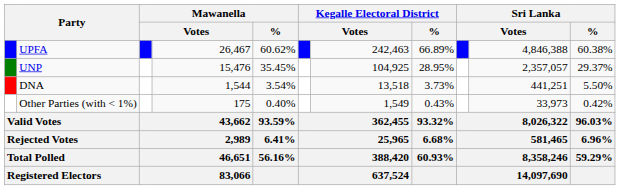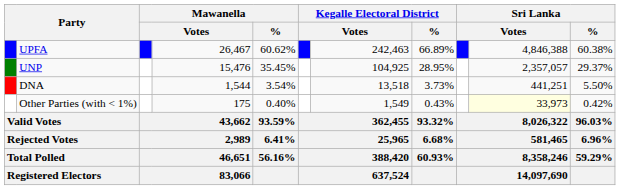 <table class="wikitable">
 <tr>
 <th colspan="2" width="144px"rowspan="2">Party</th>
 <th colspan="3" width="216px">Mawanella</th>
 <th colspan="3" width="216px"><a href='#'>Kegalle Electoral District</a></th>
 <th colspan="3" width="216px">Sri Lanka</th>
 </tr>
 <tr>
 <th colspan="2" width="144px">Votes</th>
 <th>%</th>
 <th colspan="2" width="144px">Votes</th>
 <th>%</th>
 <th colspan="2" width="144px">Votes</th>
 <th>%</th>
 </tr>
 <tr>
 <td style="background-color:blue;" width="10px"></td>
 <td style="text-align:left;"><a href='#'>UPFA</a></td>
 <td style="background-color:blue;" width="10px"></td>
 <td style="text-align:right;">26,467</td>
 <td style="text-align:right;">60.62%</td>
 <td style="background-color:blue;" width="10px"></td>
 <td style="text-align:right;">242,463</td>
 <td style="text-align:right;">66.89%</td>
 <td style="background-color:blue;" width="10px"></td>
 <td style="text-align:right;">4,846,388</td>
 <td style="text-align:right;">60.38%</td>
 </tr>
 <tr>
 <td style="background-color:green;" width="10px"></td>
 <td style="text-align:left;"><a href='#'>UNP</a></td>
 <td style="background-color:white;" width="10px"></td>
 <td style="text-align:right;">15,476</td>
 <td style="text-align:right;">35.45%</td>
 <td style="background-color:white;" width="10px"></td>
 <td style="text-align:right;">104,925</td>
 <td style="text-align:right;">28.95%</td>
 <td style="background-color:white;" width="10px"></td>
 <td style="text-align:right;">2,357,057</td>
 <td style="text-align:right;">29.37%</td>
 </tr>
 <tr>
 <td style="background-color:red;" width="10px"></td>
 <td style="text-align:left;">DNA</td>
 <td style="background-color:white;" width="10px"></td>
 <td style="text-align:right;">1,544</td>
 <td style="text-align:right;">3.54%</td>
 <td style="background-color:white;" width="10px"></td>
 <td style="text-align:right;">13,518</td>
 <td style="text-align:right;">3.73%</td>
 <td style="background-color:white;" width="10px"></td>
 <td style="text-align:right;">441,251</td>
 <td style="text-align:right;">5.50%</td>
 </tr>
 <tr>
 <td style="background-color:white;" width="10px"></td>
 <td style="text-align:left;">Other Parties (with < 1%)</td>
 <td style="background-color:white;" width="10px"></td>
 <td style="text-align:right;">175</td>
 <td style="text-align:right;">0.40%</td>
 <td style="background-color:white;" width="10px"></td>
 <td style="text-align:right;">1,549</td>
 <td style="text-align:right;">0.43%</td>
 <td style="background-color:white;" width="10px"></td>
-<td style="text-align:right;">33,973</td>
+<td style="background: lightyellow; text-align:right;">33,973</td>
 <td style="text-align:right;">0.42%</td>
 </tr>
 <tr>
 <th colspan="2" width="144px"style="text-align:left;">Valid Votes</th>
 <th style="text-align:right;"colspan="2" width="144px">43,662</th>
 <th style="text-align:right;">93.59%</th>
 <th style="text-align:right;"colspan="2" width="144px">362,455</th>
 <th style="text-align:right;">93.32%</th>
 <th style="text-align:right;"colspan="2" width="144px">8,026,322</th>
 <th style="text-align:right;">96.03%</th>
 </tr>
 <tr>
 <th colspan="2" width="144px"style="text-align:left;">Rejected Votes</th>
 <th style="text-align:right;"colspan="2" width="144px">2,989</th>
 <th style="text-align:right;">6.41%</th>
 <th style="text-align:right;"colspan="2" width="144px">25,965</th>
 <th style="text-align:right;">6.68%</th>
 <th style="text-align:right;"colspan="2" width="144px">581,465</th>
 <th style="text-align:right;">6.96%</th>
 </tr>
 <tr>
 <th colspan="2" width="144px"style="text-align:left;">Total Polled</th>
 <th style="text-align:right;"colspan="2" width="144px">46,651</th>
 <th style="text-align:right;">56.16%</th>
 <th style="text-align:right;"colspan="2" width="144px">388,420</th>
 <th style="text-align:right;">60.93%</th>
 <th style="text-align:right;"colspan="2" width="144px">8,358,246</th>
 <th style="text-align:right;">59.29%</th>
 </tr>
 <tr>
 <th colspan="2" width="144px"style="text-align:left;">Registered Electors</th>
 <th style="text-align:right;"colspan="2" width="144px">83,066</th>
 <th></th>
 <th style="text-align:right;"colspan="2" width="144px">637,524</th>
 <th></th>
 <th style="text-align:right;"colspan="2" width="144px">14,097,690</th>
 <th></th>
 </tr>
 </table>
